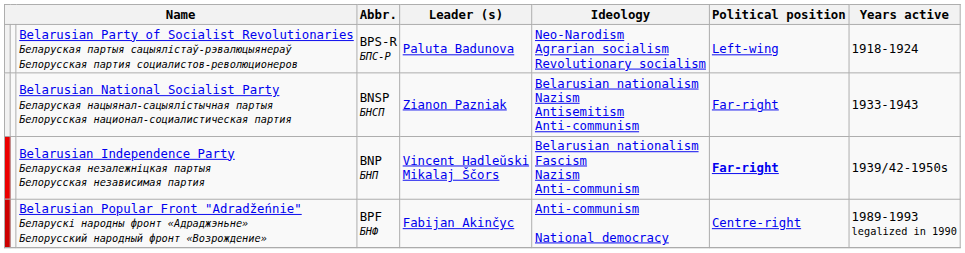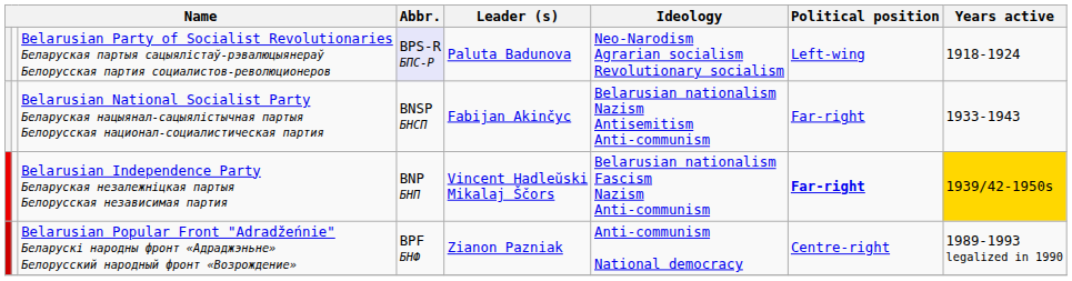 <table class="wikitable sortable">
 <tr>
 <th colspan=3>Name</th>
 <th>Abbr.</th>
 <th>Leader (s)</th>
 <th>Ideology</th>
 <th>Political position</th>
 <th>Years active</th>
 </tr>
 <tr>
 <th style="background:"></th>
 <td></td>
 <td><a href='#'>Belarusian Party of Socialist Revolutionaries</a><br><small><em>Беларуская партыя сацыялістаў-рэвалюцыянераў<br>Белорусская партия социалистов-революционеров</em></small></td>
-<td>BPS-R<br><small><em>БПС-Р</em></small></td>
+<td style="background: lavender;">BPS-R<br><small><em>БПС-Р</em></small></td>
 <td><a href='#'>Paluta Badunova</a></td>
 <td><a href='#'>Neo-Narodism</a><br><a href='#'>Agrarian socialism</a><br><a href='#'>Revolutionary socialism</a></td>
 <td><a href='#'>Left-wing</a></td>
 <td>1918-1924</td>
 </tr>
 <tr>
 <th style="background:"></th>
 <td></td>
 <td><a href='#'>Belarusian National Socialist Party</a><br><small><em>Беларуская нацыянал-сацыялістычная партыя<br>Белорусская национал-социалистическая партия</em></small></td>
 <td>BNSP<br><small><em>БНСП</em></small></td>
-<td><a href='#'>Zianon Pazniak</a></td>
+<td><a href='#'>Fabijan Akinčyc</a></td>
 <td><a href='#'>Belarusian nationalism</a><br><a href='#'>Nazism</a><br><a href='#'>Antisemitism</a><br><a href='#'>Anti-communism</a></td>
 <td><a href='#'>Far-right</a></td>
 <td>1933-1943</td>
 </tr>
 <tr>
 <th style="background:#EC0000"></th>
 <td></td>
 <td><a href='#'>Belarusian Independence Party</a><br><small><em>Беларуская незалежніцкая партыя<br>Белорусская независимая партия</em></small></td>
 <td>BNP<br><small><em>БНП</em></small></td>
 <td><a href='#'>Vincent Hadleŭski</a><br><a href='#'>Mikalaj Ščors</a></td>
 <td><a href='#'>Belarusian nationalism</a><br><a href='#'>Fascism</a><br><a href='#'>Nazism</a><br><a href='#'>Anti-communism</a></td>
 <td><strong><a href='#'>Far-right</a></strong></td>
-<td>1939/42-1950s</td>
+<td style="background: gold;">1939/42-1950s</td>
 </tr>
 <tr>
 <th style="background:#CC0000;"></th>
 <td></td>
 <td><a href='#'>Belarusian Popular Front "Adradžeńnie"</a><br><small><em>Беларускі народны фронт «Адраджэньне»<br>Белорусский народный фронт «Возрождение»</em></small></td>
 <td>BPF<br><small><em>БНФ</em></small></td>
-<td><a href='#'>Fabijan Akinčyc</a></td>
+<td><a href='#'>Zianon Pazniak</a></td>
 <td><a href='#'>Anti-communism</a><br><br><a href='#'>National democracy</a></td>
 <td><a href='#'>Centre-right</a></td>
 <td>1989-1993<br><small>legalized in 1990</small></td>
 </tr>
 <tr>
 </tr>
 </table>
